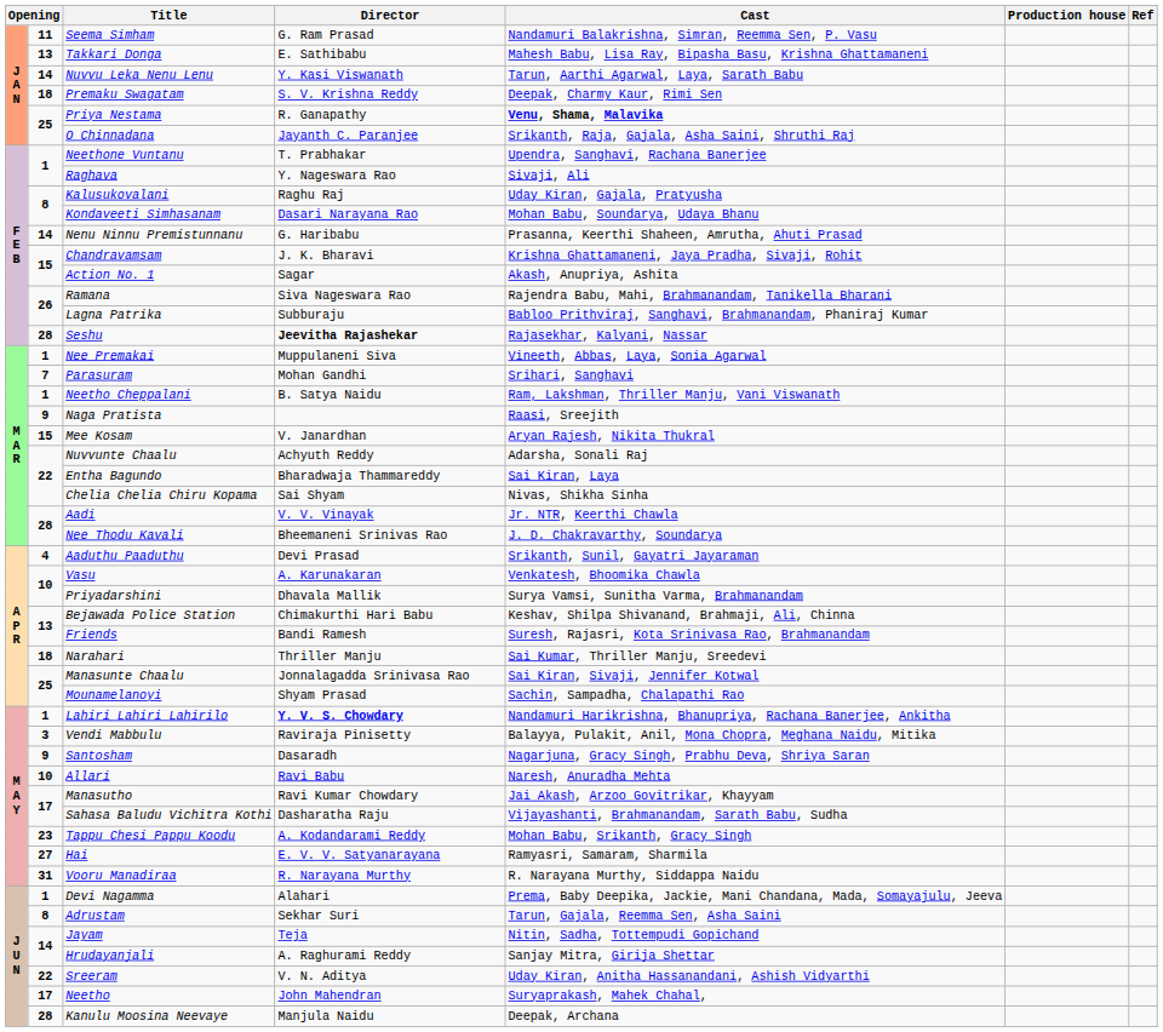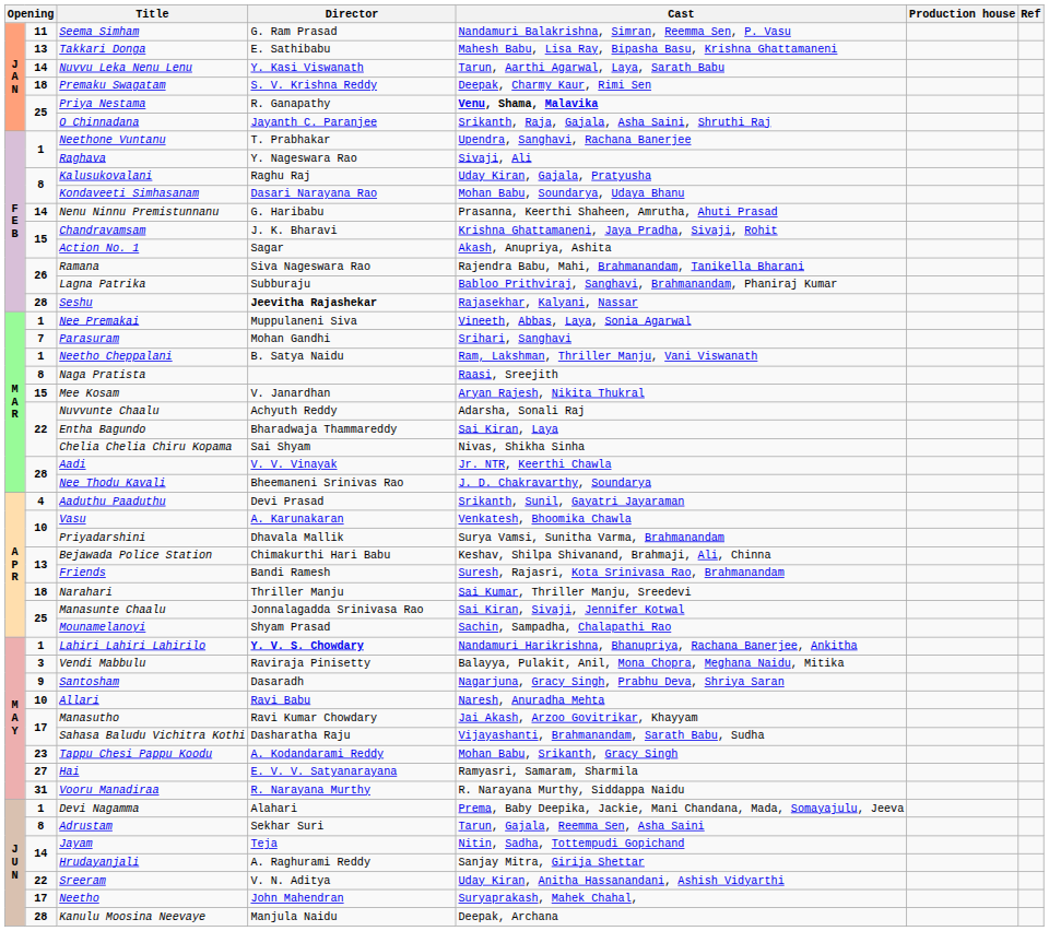 <table class="wikitable sortable">
 <tr style="background:#blue; text-align:center;">
 <th colspan="2">Opening</th>
 <th>Title</th>
 <th style="width:20%;"><strong>Director</strong></th>
 <th>Cast</th>
 <th>Production house</th>
 <th>Ref</th>
 </tr>
 <tr January!>
 <td rowspan="6" style="text-align:center; background:#FFA07A; textcolor:#000;"><strong>J<br>A<br>N</strong></td>
 <td rowspan="1" style="text-align:center;"><strong>11</strong></td>
 <td><em><a href='#'>Seema Simham</a></em></td>
 <td>G. Ram Prasad</td>
 <td><a href='#'>Nandamuri Balakrishna</a>, <a href='#'>Simran</a>, <a href='#'>Reemma Sen</a>, <a href='#'>P. Vasu</a></td>
 <td></td>
 <td></td>
 </tr>
 <tr>
 <td rowspan="1" style="text-align:center;"><strong>13</strong></td>
 <td><em><a href='#'>Takkari Donga</a></em></td>
 <td>E. Sathibabu</td>
 <td><a href='#'>Mahesh Babu</a>, <a href='#'>Lisa Ray</a>, <a href='#'>Bipasha Basu</a>, <a href='#'>Krishna Ghattamaneni</a></td>
 <td></td>
 <td></td>
 </tr>
 <tr>
 <td rowspan="1" style="text-align:center;"><strong>14</strong></td>
 <td><em><a href='#'>Nuvvu Leka Nenu Lenu</a></em></td>
 <td><a href='#'>Y. Kasi Viswanath</a></td>
 <td><a href='#'>Tarun</a>, <a href='#'>Aarthi Agarwal</a>, <a href='#'>Laya</a>, <a href='#'>Sarath Babu</a></td>
 <td></td>
 <td></td>
 </tr>
 <tr>
 <td rowspan="1" style="text-align:center;"><strong>18</strong></td>
 <td><em><a href='#'>Premaku Swagatam</a></em></td>
 <td><a href='#'>S. V. Krishna Reddy</a></td>
 <td><a href='#'>Deepak</a>, <a href='#'>Charmy Kaur</a>, <a href='#'>Rimi Sen</a></td>
 <td></td>
 <td></td>
 </tr>
 <tr>
 <td rowspan="2" style="text-align:center;"><strong>25</strong></td>
 <td><em><a href='#'>Priya Nestama</a></em></td>
 <td>R. Ganapathy</td>
 <td><strong><a href='#'>Venu</a>, Shama, <a href='#'>Malavika</a></strong></td>
 <td></td>
 <td></td>
 </tr>
 <tr>
 <td><em><a href='#'>O Chinnadana</a></em></td>
 <td><a href='#'>Jayanth C. Paranjee</a></td>
 <td><a href='#'>Srikanth</a>, <a href='#'>Raja</a>, <a href='#'>Gajala</a>, <a href='#'>Asha Saini</a>, <a href='#'>Shruthi Raj</a></td>
 <td></td>
 <td></td>
 </tr>
 <tr February!>
 <td rowspan="10" valign="center" align="center" style="background:#D8BFD8; textcolor:#000;"><strong>F<br>E<br>B</strong></td>
 <td rowspan="2" style="text-align:center;"><strong>1</strong></td>
 <td><em><a href='#'>Neethone Vuntanu</a></em></td>
 <td>T. Prabhakar</td>
 <td><a href='#'>Upendra</a>, <a href='#'>Sanghavi</a>, <a href='#'>Rachana Banerjee</a></td>
 <td></td>
 <td></td>
 </tr>
 <tr>
 <td><em><a href='#'>Raghava</a></em></td>
 <td>Y. Nageswara Rao</td>
 <td><a href='#'>Sivaji</a>, <a href='#'>Ali</a></td>
 <td></td>
 <td></td>
 </tr>
 <tr>
 <td rowspan="2" style="text-align:center;"><strong>8</strong></td>
 <td><em><a href='#'>Kalusukovalani</a></em></td>
 <td>Raghu Raj</td>
 <td><a href='#'>Uday Kiran</a>, <a href='#'>Gajala</a>, <a href='#'>Pratyusha</a></td>
 <td></td>
 <td></td>
 </tr>
 <tr>
 <td><em><a href='#'>Kondaveeti Simhasanam</a></em></td>
 <td><a href='#'>Dasari Narayana Rao</a></td>
 <td><a href='#'>Mohan Babu</a>, <a href='#'>Soundarya</a>, <a href='#'>Udaya Bhanu</a></td>
 <td></td>
 <td></td>
 </tr>
 <tr>
 <td rowspan="1" style="text-align:center;"><strong>14</strong></td>
 <td><em>Nenu Ninnu Premistunnanu</em></td>
 <td>G. Haribabu</td>
 <td>Prasanna, Keerthi Shaheen, Amrutha, <a href='#'>Ahuti Prasad</a></td>
 <td></td>
 <td></td>
 </tr>
 <tr>
 <td rowspan="2" style="text-align:center;"><strong>15</strong></td>
 <td><em><a href='#'>Chandravamsam</a></em></td>
 <td>J. K. Bharavi</td>
 <td><a href='#'>Krishna Ghattamaneni</a>, <a href='#'>Jaya Pradha</a>, <a href='#'>Sivaji</a>, <a href='#'>Rohit</a></td>
 <td></td>
 <td></td>
 </tr>
 <tr>
 <td><em><a href='#'>Action No. 1</a></em></td>
 <td>Sagar</td>
 <td><a href='#'>Akash</a>, Anupriya, Ashita</td>
 <td></td>
 <td></td>
 </tr>
 <tr>
 <td rowspan="2" style="text-align:center;"><strong>26</strong></td>
 <td><em>Ramana</em></td>
 <td>Siva Nageswara Rao</td>
 <td>Rajendra Babu, Mahi, <a href='#'>Brahmanandam</a>, <a href='#'>Tanikella Bharani</a></td>
 <td></td>
 <td></td>
 </tr>
 <tr>
 <td><em>Lagna Patrika</em></td>
 <td>Subburaju</td>
 <td><a href='#'>Babloo Prithviraj</a>, <a href='#'>Sanghavi</a>, <a href='#'>Brahmanandam</a>, Phaniraj Kumar</td>
 <td></td>
 <td></td>
 </tr>
 <tr>
 <td rowspan="1" style="text-align:center;"><strong>28</strong></td>
 <td><em><a href='#'>Seshu</a></em></td>
 <td><strong>Jeevitha Rajashekar</strong></td>
 <td><a href='#'>Rajasekhar</a>, <a href='#'>Kalyani</a>, <a href='#'>Nassar</a></td>
 <td></td>
 <td></td>
 </tr>
 <tr March!>
 <td rowspan="10" valign="center" align="center" style="background:#98FB98; textcolor:#000;"><strong>M<br>A<br>R</strong></td>
 <td rowspan="1" style="text-align:center;"><strong>1</strong></td>
 <td><em><a href='#'>Nee Premakai</a></em></td>
 <td>Muppulaneni Siva</td>
 <td><a href='#'>Vineeth</a>, <a href='#'>Abbas</a>, <a href='#'>Laya</a>, <a href='#'>Sonia Agarwal</a></td>
 <td></td>
 <td></td>
 </tr>
 <tr>
 <td rowspan="1" style="text-align:center;"><strong>7</strong></td>
 <td><a href='#'><em>Parasuram</em></a></td>
 <td>Mohan Gandhi</td>
 <td><a href='#'>Srihari</a>, <a href='#'>Sanghavi</a></td>
 <td></td>
 <td></td>
 </tr>
 <tr>
 <td rowspan="1" style="text-align:center;"><strong>1</strong></td>
 <td><em><a href='#'>Neetho Cheppalani</a></em></td>
 <td>B. Satya Naidu</td>
 <td><a href='#'>Ram, Lakshman</a>, <a href='#'>Thriller Manju</a>, <a href='#'>Vani Viswanath</a></td>
 <td></td>
 <td></td>
 </tr>
 <tr>
-<td rowspan="1" style="text-align:center;"><strong>9</strong></td>
+<td rowspan="1" style="text-align:center;"><strong>8</strong></td>
 <td><em>Naga Pratista</em></td>
 <td></td>
 <td><a href='#'>Raasi</a>, Sreejith</td>
 <td></td>
 <td></td>
 </tr>
 <tr>
 <td rowspan="1" style="text-align:center;"><strong>15</strong></td>
 <td><em>Mee Kosam</em></td>
 <td>V. Janardhan</td>
 <td><a href='#'>Aryan Rajesh</a>, <a href='#'>Nikita Thukral</a></td>
 <td></td>
 <td></td>
 </tr>
 <tr>
 <td rowspan="3" style="text-align:center;"><strong>22</strong></td>
 <td><em>Nuvvunte Chaalu</em></td>
 <td>Achyuth Reddy</td>
 <td>Adarsha, Sonali Raj</td>
 <td></td>
 <td></td>
 </tr>
 <tr>
 <td><em>Entha Bagundo</em></td>
 <td>Bharadwaja Thammareddy</td>
 <td><a href='#'>Sai Kiran</a>, <a href='#'>Laya</a></td>
 <td></td>
 <td></td>
 </tr>
 <tr>
 <td><em>Chelia Chelia Chiru Kopama</em></td>
 <td>Sai Shyam</td>
 <td>Nivas, Shikha Sinha</td>
 <td></td>
 <td></td>
 </tr>
 <tr>
 <td rowspan="2" style="text-align:center;"><strong>28</strong></td>
 <td><em><a href='#'>Aadi</a></em></td>
 <td><a href='#'>V. V. Vinayak</a></td>
 <td><a href='#'>Jr. NTR</a>, <a href='#'>Keerthi Chawla</a></td>
 <td></td>
 <td></td>
 </tr>
 <tr>
 <td><em><a href='#'>Nee Thodu Kavali</a></em></td>
 <td>Bheemaneni Srinivas Rao</td>
 <td><a href='#'>J. D. Chakravarthy</a>, <a href='#'>Soundarya</a></td>
 <td></td>
 <td></td>
 </tr>
 <tr April!>
 <td rowspan="8" style="background:#FFDEAD; textcolor:#000;" valign="center" align="center"><strong>A<br>P<br>R</strong></td>
 <td rowspan="1" style="text-align:center;"><strong>4</strong></td>
 <td><em><a href='#'>Aaduthu Paaduthu</a></em></td>
 <td>Devi Prasad</td>
 <td><a href='#'>Srikanth</a>, <a href='#'>Sunil</a>, <a href='#'>Gayatri Jayaraman</a></td>
 <td></td>
 <td></td>
 </tr>
 <tr>
 <td rowspan="2" style="text-align:center;"><strong>10</strong></td>
 <td><em><a href='#'>Vasu</a></em></td>
 <td><a href='#'>A. Karunakaran</a></td>
 <td><a href='#'>Venkatesh</a>, <a href='#'>Bhoomika Chawla</a></td>
 <td></td>
 <td></td>
 </tr>
 <tr>
 <td><em>Priyadarshini</em></td>
 <td>Dhavala Mallik</td>
 <td>Surya Vamsi, Sunitha Varma, <a href='#'>Brahmanandam</a></td>
 <td></td>
 <td></td>
 </tr>
 <tr>
 <td rowspan="2" style="text-align:center;"><strong>13</strong></td>
 <td><em>Bejawada Police Station</em></td>
 <td>Chimakurthi Hari Babu</td>
 <td>Keshav, Shilpa Shivanand, Brahmaji, <a href='#'>Ali</a>, Chinna</td>
 <td></td>
 <td></td>
 </tr>
 <tr>
 <td><em><a href='#'>Friends</a></em></td>
 <td>Bandi Ramesh</td>
 <td><a href='#'>Suresh</a>, Rajasri, <a href='#'>Kota Srinivasa Rao</a>, <a href='#'>Brahmanandam</a></td>
 <td></td>
 <td></td>
 </tr>
 <tr>
 <td rowspan="1" style="text-align:center;"><strong>18</strong></td>
 <td><em>Narahari</em></td>
 <td>Thriller Manju</td>
 <td><a href='#'>Sai Kumar</a>, Thriller Manju, Sreedevi</td>
 <td></td>
 <td></td>
 </tr>
 <tr>
 <td rowspan="2" style="text-align:center;"><strong>25</strong></td>
 <td><em>Manasunte Chaalu</em></td>
 <td>Jonnalagadda Srinivasa Rao</td>
 <td><a href='#'>Sai Kiran</a>, <a href='#'>Sivaji</a>, <a href='#'>Jennifer Kotwal</a></td>
 <td></td>
 <td></td>
 </tr>
 <tr>
 <td><em><a href='#'>Mounamelanoyi</a></em></td>
 <td>Shyam Prasad</td>
 <td><a href='#'>Sachin</a>, Sampadha, <a href='#'>Chalapathi Rao</a></td>
 <td></td>
 <td></td>
 </tr>
 <tr May!>
 <td rowspan="9" valign="center" align="center" style="background:#edafaf; textcolor:#000;"><strong>M<br>A<br>Y</strong></td>
 <td rowspan="1" style="text-align:center;"><strong>1</strong></td>
 <td><em><a href='#'>Lahiri Lahiri Lahirilo</a></em></td>
 <td><strong><a href='#'>Y. V. S. Chowdary</a></strong></td>
 <td><a href='#'>Nandamuri Harikrishna</a>, <a href='#'>Bhanupriya</a>, <a href='#'>Rachana Banerjee</a>, <a href='#'>Ankitha</a></td>
 <td></td>
 <td></td>
 </tr>
 <tr>
 <td rowspan="1" style="text-align:center;"><strong>3</strong></td>
 <td><em>Vendi Mabbulu</em></td>
 <td>Raviraja Pinisetty</td>
 <td>Balayya, Pulakit, Anil, <a href='#'>Mona Chopra</a>, <a href='#'>Meghana Naidu</a>, Mitika</td>
 <td></td>
 <td></td>
 </tr>
 <tr>
 <td rowspan="1" style="text-align:center;"><strong>9</strong></td>
 <td><em><a href='#'>Santosham</a></em></td>
 <td>Dasaradh</td>
 <td><a href='#'>Nagarjuna</a>, <a href='#'>Gracy Singh</a>, <a href='#'>Prabhu Deva</a>, <a href='#'>Shriya Saran</a></td>
 <td></td>
 <td></td>
 </tr>
 <tr>
 <td rowspan="1" style="text-align:center;"><strong>10</strong></td>
 <td><em><a href='#'>Allari</a></em></td>
 <td><a href='#'>Ravi Babu</a></td>
 <td><a href='#'>Naresh</a>, <a href='#'>Anuradha Mehta</a></td>
 <td></td>
 <td></td>
 </tr>
 <tr>
 <td rowspan="2" style="text-align:center;"><strong>17</strong></td>
 <td><em>Manasutho</em></td>
 <td>Ravi Kumar Chowdary</td>
 <td><a href='#'>Jai Akash</a>, <a href='#'>Arzoo Govitrikar</a>, Khayyam</td>
 <td></td>
 <td></td>
 </tr>
 <tr>
 <td><em>Sahasa Baludu Vichitra Kothi</em></td>
 <td>Dasharatha Raju</td>
 <td><a href='#'>Vijayashanti</a>, <a href='#'>Brahmanandam</a>, <a href='#'>Sarath Babu</a>, Sudha</td>
 <td></td>
 <td></td>
 </tr>
 <tr>
 <td rowspan="1" style="text-align:center;"><strong>23</strong></td>
 <td><em><a href='#'>Tappu Chesi Pappu Koodu</a></em></td>
 <td><a href='#'>A. Kodandarami Reddy</a></td>
 <td><a href='#'>Mohan Babu</a>, <a href='#'>Srikanth</a>, <a href='#'>Gracy Singh</a></td>
 <td></td>
 <td></td>
 </tr>
 <tr>
 <td rowspan="1" style="text-align:center;"><strong>27</strong></td>
 <td><em><a href='#'>Hai</a></em></td>
 <td><a href='#'>E. V. V. Satyanarayana</a></td>
 <td>Ramyasri, Samaram, Sharmila</td>
 <td></td>
 <td></td>
 </tr>
 <tr>
 <td rowspan="1" style="text-align:center;"><strong>31</strong></td>
 <td><em><a href='#'>Vooru Manadiraa</a></em></td>
 <td><a href='#'>R. Narayana Murthy</a></td>
 <td>R. Narayana Murthy, Siddappa Naidu</td>
 <td></td>
 <td></td>
 </tr>
 <tr June!>
 <td rowspan="7" valign="center" align="center" style="background:#d9c1b0; textcolor:#000;"><strong>J<br>U<br>N</strong></td>
 <td rowspan="1" style="text-align:center;"><strong>1</strong></td>
 <td><em>Devi Nagamma</em></td>
 <td>Alahari</td>
 <td><a href='#'>Prema</a>, Baby Deepika, Jackie, Mani Chandana, Mada, <a href='#'>Somayajulu</a>, Jeeva</td>
 <td></td>
 <td></td>
 </tr>
 <tr>
 <td rowspan="1" style="text-align:center;"><strong>8</strong></td>
 <td><em><a href='#'>Adrustam</a></em></td>
 <td>Sekhar Suri</td>
 <td><a href='#'>Tarun</a>, <a href='#'>Gajala</a>, <a href='#'>Reemma Sen</a>, <a href='#'>Asha Saini</a></td>
 <td></td>
 <td></td>
 </tr>
 <tr>
 <td rowspan="2" style="text-align:center;"><strong>14</strong></td>
 <td><em><a href='#'>Jayam</a></em></td>
 <td><a href='#'>Teja</a></td>
 <td><a href='#'>Nitin</a>, <a href='#'>Sadha</a>, <a href='#'>Tottempudi Gopichand</a></td>
 <td></td>
 <td></td>
 </tr>
 <tr>
 <td><em><a href='#'>Hrudayanjali</a></em></td>
 <td>A. Raghurami Reddy</td>
 <td>Sanjay Mitra, <a href='#'>Girija Shettar</a></td>
 <td></td>
 <td></td>
 </tr>
 <tr>
 <td rowspan="1" style="text-align:center;"><strong>22</strong></td>
 <td><em><a href='#'>Sreeram</a></em></td>
 <td>V. N. Aditya</td>
 <td><a href='#'>Uday Kiran</a>, <a href='#'>Anitha Hassanandani</a>, <a href='#'>Ashish Vidyarthi</a></td>
 <td></td>
 <td></td>
 </tr>
 <tr>
 <td rowspan="1" style="text-align:center;"><strong>17</strong></td>
 <td><em><a href='#'>Neetho</a></em></td>
 <td><a href='#'>John Mahendran</a></td>
 <td><a href='#'>Suryaprakash</a>, <a href='#'>Mahek Chahal</a>,</td>
 <td></td>
 <td></td>
 </tr>
 <tr>
 <td rowspan="1" style="text-align:center;"><strong>28</strong></td>
 <td><em>Kanulu Moosina Neevaye</em></td>
 <td>Manjula Naidu</td>
 <td>Deepak, Archana</td>
 <td></td>
 <td></td>
 </tr>
 </table>
